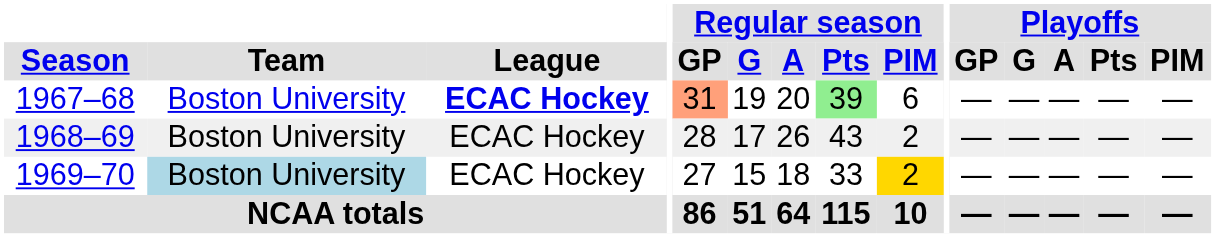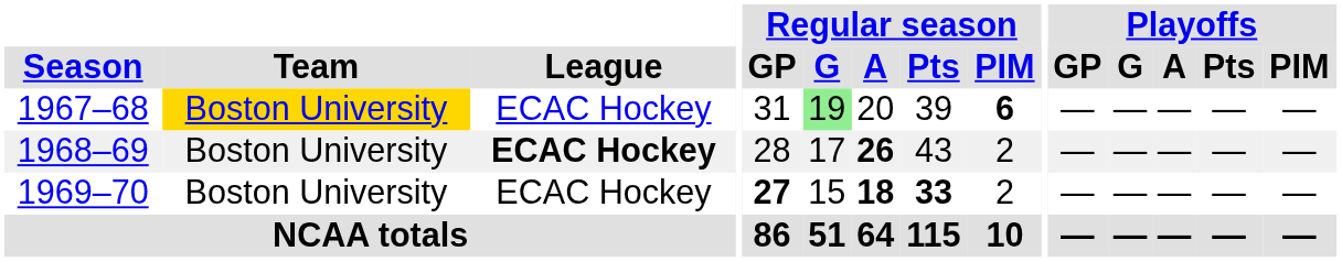 <table border="0" cellpadding="1" cellspacing="0" style="text-align:center; width:50%">
 <tr bgcolor="#e0e0e0">
 <th colspan="3" bgcolor="#ffffff"></th>
 <th rowspan="99" bgcolor="#ffffff"></th>
 <th colspan="5"><a href='#'>Regular season</a></th>
 <th rowspan="99" bgcolor="#ffffff"></th>
 <th colspan="5"><a href='#'>Playoffs</a></th>
 </tr>
 <tr bgcolor="#e0e0e0">
 <th><a href='#'>Season</a></th>
 <th>Team</th>
 <th>League</th>
 <th>GP</th>
 <th><a href='#'>G</a></th>
 <th><a href='#'>A</a></th>
 <th><a href='#'>Pts</a></th>
 <th><a href='#'>PIM</a></th>
 <th>GP</th>
 <th>G</th>
 <th>A</th>
 <th>Pts</th>
 <th>PIM</th>
 </tr>
 <tr ALIGN="center">
 <td><a href='#'>1967–68</a></td>
-<td><a href='#'>Boston University</a></td>
-<td><strong><a href='#'>ECAC Hockey</a></strong></td>
-<td style="background: lightsalmon;">31</td>
-<td>19</td>
+<td style="background: gold;"><a href='#'>Boston University</a></td>
+<td><a href='#'>ECAC Hockey</a></td>
+<td>31</td>
+<td style="background: lightgreen;">19</td>
 <td>20</td>
-<td style="background: lightgreen;">39</td>
-<td>6</td>
+<td>39</td>
+<td><strong>6</strong></td>
 <td>—</td>
 <td>—</td>
 <td>—</td>
 <td>—</td>
 <td>—</td>
 </tr>
 <tr ALIGN="center" bgcolor="#f0f0f0">
 <td><a href='#'>1968–69</a></td>
 <td>Boston University</td>
-<td>ECAC Hockey</td>
+<td><strong>ECAC Hockey</strong></td>
 <td>28</td>
 <td>17</td>
-<td>26</td>
+<td><strong>26</strong></td>
 <td>43</td>
 <td>2</td>
 <td>—</td>
 <td>—</td>
 <td>—</td>
 <td>—</td>
 <td>—</td>
 </tr>
 <tr ALIGN="center">
 <td><a href='#'>1969–70</a></td>
-<td style="background: lightblue;">Boston University</td>
+<td>Boston University</td>
 <td>ECAC Hockey</td>
-<td>27</td>
+<td><strong>27</strong></td>
 <td>15</td>
-<td>18</td>
-<td>33</td>
-<td style="background: gold;">2</td>
+<td><strong>18</strong></td>
+<td><strong>33</strong></td>
+<td>2</td>
 <td>—</td>
 <td>—</td>
 <td>—</td>
 <td>—</td>
 <td>—</td>
 </tr>
 <tr bgcolor="#e0e0e0">
 <th colspan="3">NCAA totals</th>
 <th>86</th>
 <th>51</th>
 <th>64</th>
 <th>115</th>
 <th>10</th>
 <th>—</th>
 <th>—</th>
 <th>—</th>
 <th>—</th>
 <th>—</th>
 </tr>
 </table>
